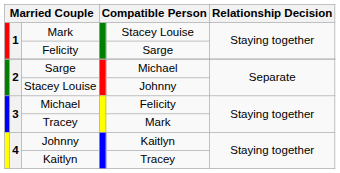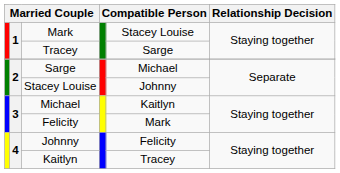 <table class="wikitable plainrowheaders" style="text-align:center">
 <tr>
 <th colspan="3">Married Couple</th>
 <th colspan="2">Compatible Person</th>
 <th>Relationship Decision</th>
 </tr>
 <tr>
 <th rowspan="2" style="background:red; color:black;"></th>
 <th rowspan="2">1</th>
 <td>Mark</td>
 <td rowspan="2" style="background:green; color:black;"></td>
 <td>Stacey Louise</td>
 <td rowspan="2">Staying together</td>
 </tr>
 <tr>
-<td>Felicity</td>
+<td>Tracey</td>
 <td>Sarge</td>
 </tr>
 <tr>
 </tr>
 <tr>
 <th rowspan="2" style="background:green; color:black;"></th>
 <th rowspan="2">2</th>
 <td>Sarge</td>
 <td rowspan="2" style="background:red; color:black;"></td>
 <td>Michael</td>
 <td rowspan="2">Separate</td>
 </tr>
 <tr>
 <td>Stacey Louise</td>
 <td>Johnny</td>
 </tr>
 <tr>
 <th rowspan="2" style="background:blue; color:black;"></th>
 <th rowspan="2">3</th>
 <td>Michael</td>
 <td rowspan="2" style="background:yellow; color:black;"></td>
-<td>Felicity</td>
+<td>Kaitlyn</td>
 <td rowspan="2">Staying together</td>
 </tr>
 <tr>
-<td>Tracey</td>
+<td>Felicity</td>
 <td>Mark</td>
 </tr>
 <tr>
 <th rowspan="2" style="background:yellow; color:black;"></th>
 <th rowspan="2">4</th>
 <td>Johnny</td>
 <td rowspan="2" style="background:blue; color:black;"></td>
-<td>Kaitlyn</td>
+<td>Felicity</td>
 <td rowspan="2">Staying together</td>
 </tr>
 <tr>
 <td>Kaitlyn</td>
 <td>Tracey</td>
 </tr>
 </table>
